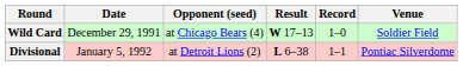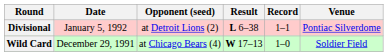 <table class="wikitable" style="text-align:center">
 <tr>
 <th>Round</th>
 <th>Date</th>
 <th>Opponent (seed)</th>
 <th>Result</th>
 <th>Record</th>
 <th>Venue</th>
 </tr>
+<tr style="background:#fcc">
+<th>Divisional</th>
+<td>January 5, 1992</td>
+<td>at <a href='#'>Detroit Lions</a> (2)</td>
+<td><strong>L</strong> 6–38</td>
+<td>1–1</td>
+<td><a href='#'>Pontiac Silverdome</a></td>
+</tr>
 <tr style="background:#cfc">
 <th>Wild Card</th>
 <td>December 29, 1991</td>
 <td>at <a href='#'>Chicago Bears</a> (4)</td>
 <td><strong>W</strong> 17–13</td>
 <td>1–0</td>
 <td><a href='#'>Soldier Field</a></td>
 </tr>
-<tr style="background:#fcc">
-<th>Divisional</th>
-<td>January 5, 1992</td>
-<td>at <a href='#'>Detroit Lions</a> (2)</td>
-<td><strong>L</strong> 6–38</td>
-<td>1–1</td>
-<td><a href='#'>Pontiac Silverdome</a></td>
-</tr>
 </table>
